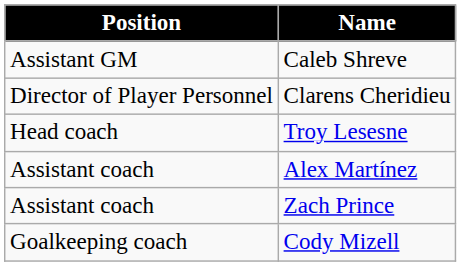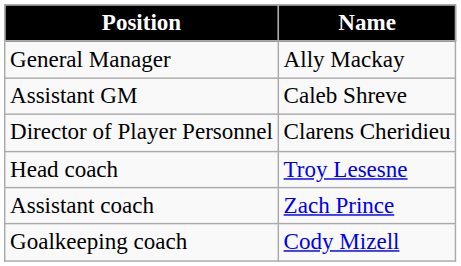 <table class="wikitable">
 <tr>
 <th style="background:#000000; color:white;">Position</th>
 <th style="background:#000000; color:white;">Name</th>
+</tr>
+<tr>
+<td>General Manager</td>
+<td align=left> Ally Mackay</td>
 </tr>
 <tr>
 <td>Assistant GM</td>
 <td align=left> Caleb Shreve</td>
 </tr>
 <tr>
 <td>Director of Player Personnel</td>
 <td align=left> Clarens Cheridieu</td>
 </tr>
 <tr>
 <td>Head coach</td>
 <td align=left> <a href='#'>Troy Lesesne</a></td>
 </tr>
 <tr>
 <td>Assistant coach</td>
-<td align=left> <a href='#'>Alex Martínez</a></td>
-</tr>
-<tr>
-<td>Assistant coach</td>
 <td align=left> <a href='#'>Zach Prince</a></td>
 </tr>
 <tr>
 <td>Goalkeeping coach</td>
 <td align=left> <a href='#'>Cody Mizell</a></td>
 </tr>
 </table>
